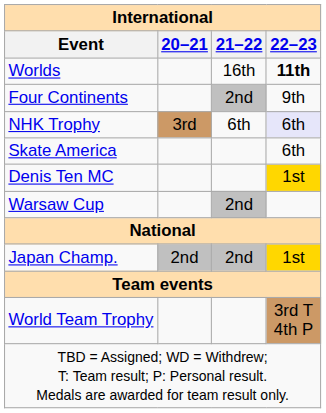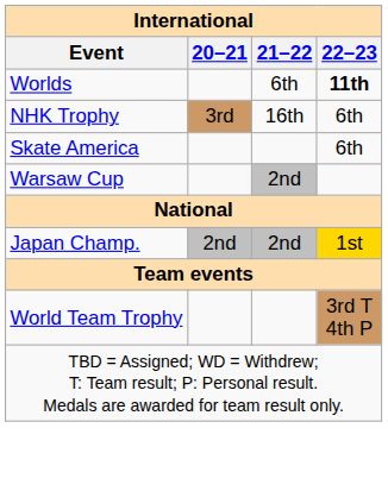 <table class="wikitable" style="text-align:center">
 <tr>
 <th colspan=4 style="background:#ffdead; text-align:center;">International</th>
 </tr>
 <tr>
 <th>Event</th>
 <th><a href='#'>20–21</a></th>
 <th><a href='#'>21–22</a></th>
 <th><a href='#'>22–23</a></th>
 </tr>
 <tr>
 <td align=left><a href='#'>Worlds</a></td>
 <td></td>
-<td>16th</td>
+<td>6th</td>
 <td><strong>11th</strong></td>
-</tr>
-<tr>
-<td align=left><a href='#'>Four Continents</a></td>
-<td></td>
-<td bgcolor=silver>2nd</td>
-<td>9th</td>
 </tr>
 <tr>
 <td align=left> <a href='#'>NHK Trophy</a></td>
 <td bgcolor=cc9966>3rd</td>
+<td>16th</td>
 <td>6th</td>
-<td style="background: lavender;">6th</td>
 </tr>
 <tr>
 <td align=left> <a href='#'>Skate America</a></td>
 <td></td>
 <td></td>
 <td>6th</td>
-</tr>
-<tr>
-<td align=left> <a href='#'>Denis Ten MC</a></td>
-<td></td>
-<td></td>
-<td bgcolor=gold>1st</td>
 </tr>
 <tr>
 <td align=left> <a href='#'>Warsaw Cup</a></td>
 <td></td>
 <td bgcolor=silver>2nd</td>
 <td></td>
 </tr>
 <tr>
 <th colspan=4 style="background:#ffdead;">National</th>
 </tr>
 <tr>
 <td align=left><a href='#'>Japan Champ.</a></td>
 <td bgcolor=silver>2nd</td>
 <td bgcolor=silver>2nd</td>
 <td bgcolor=gold>1st</td>
 </tr>
 <tr>
 <th colspan=4 style="background:#ffdead;">Team events</th>
 </tr>
 <tr>
 <td align=left><a href='#'>World Team Trophy</a></td>
 <td></td>
 <td></td>
 <td bgcolor=cc9966>3rd T<br>4th P</td>
 </tr>
 <tr>
 <td colspan=4><small> TBD = Assigned; WD = Withdrew; <br>T: Team result; P: Personal result. <br> Medals are awarded for team result only. </small></td>
 </tr>
 </table>
